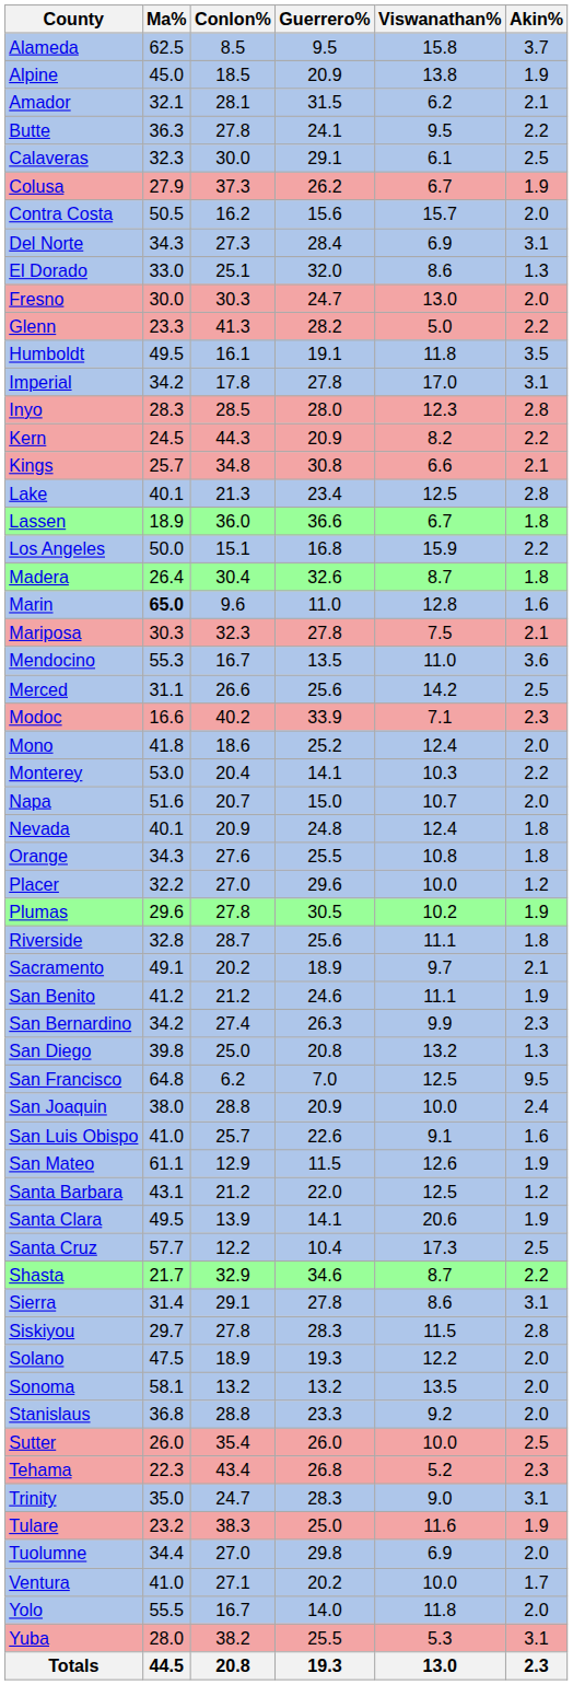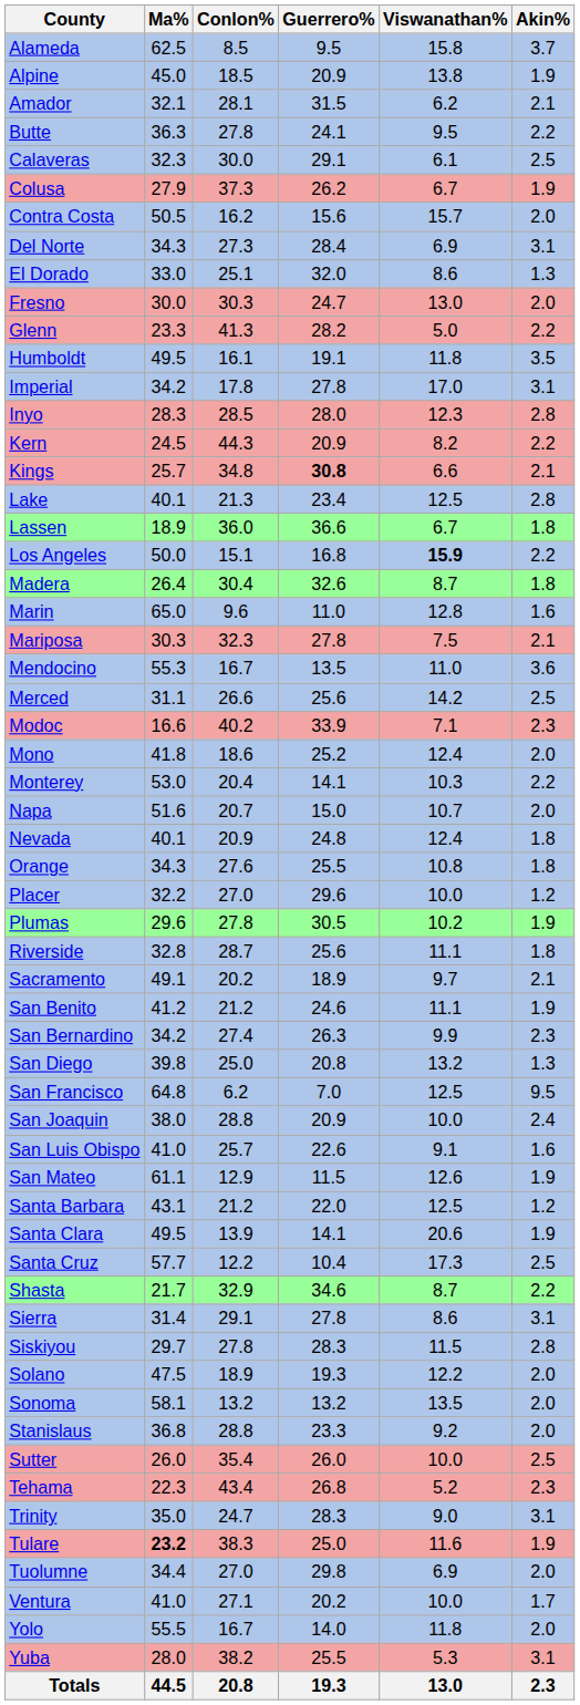 <table class="wikitable sortable" style=" font-size: 95%">
 <tr>
 <th>County</th>
 <th>Ma%</th>
 <th>Conlon%</th>
 <th>Guerrero%</th>
 <th>Viswanathan%</th>
 <th>Akin%</th>
 </tr>
 <tr bgcolor=#AEC6EA>
 <td><a href='#'>Alameda</a></td>
 <td align=center>62.5</td>
 <td align=center>8.5</td>
 <td align=center>9.5</td>
 <td align=center>15.8</td>
 <td align=center>3.7</td>
 </tr>
 <tr bgcolor=#AEC6EA>
 <td><a href='#'>Alpine</a></td>
 <td align=center>45.0</td>
 <td align=center>18.5</td>
 <td align=center>20.9</td>
 <td align=center>13.8</td>
 <td align=center>1.9</td>
 </tr>
 <tr bgcolor=#AEC6EA>
 <td><a href='#'>Amador</a></td>
 <td align=center>32.1</td>
 <td align=center>28.1</td>
 <td align=center>31.5</td>
 <td align=center>6.2</td>
 <td align=center>2.1</td>
 </tr>
 <tr bgcolor=#AEC6EA>
 <td><a href='#'>Butte</a></td>
 <td align=center>36.3</td>
 <td align=center>27.8</td>
 <td align=center>24.1</td>
 <td align=center>9.5</td>
 <td align=center>2.2</td>
 </tr>
 <tr bgcolor=#AEC6EA>
 <td><a href='#'>Calaveras</a></td>
 <td align=center>32.3</td>
 <td align=center>30.0</td>
 <td align=center>29.1</td>
 <td align=center>6.1</td>
 <td align=center>2.5</td>
 </tr>
 <tr bgcolor=#f3a5a5>
 <td><a href='#'>Colusa</a></td>
 <td align=center>27.9</td>
 <td align=center>37.3</td>
 <td align=center>26.2</td>
 <td align=center>6.7</td>
 <td align=center>1.9</td>
 </tr>
 <tr bgcolor=#AEC6EA>
 <td><a href='#'>Contra Costa</a></td>
 <td align=center>50.5</td>
 <td align=center>16.2</td>
 <td align=center>15.6</td>
 <td align=center>15.7</td>
 <td align=center>2.0</td>
 </tr>
 <tr bgcolor=#AEC6EA>
 <td><a href='#'>Del Norte</a></td>
 <td align=center>34.3</td>
 <td align=center>27.3</td>
 <td align=center>28.4</td>
 <td align=center>6.9</td>
 <td align=center>3.1</td>
 </tr>
 <tr bgcolor=#AEC6EA>
 <td><a href='#'>El Dorado</a></td>
 <td align=center>33.0</td>
 <td align=center>25.1</td>
 <td align=center>32.0</td>
 <td align=center>8.6</td>
 <td align=center>1.3</td>
 </tr>
 <tr bgcolor=#f3a5a5>
 <td><a href='#'>Fresno</a></td>
 <td align=center>30.0</td>
 <td align=center>30.3</td>
 <td align=center>24.7</td>
 <td align=center>13.0</td>
 <td align=center>2.0</td>
 </tr>
 <tr bgcolor=#f3a5a5>
 <td><a href='#'>Glenn</a></td>
 <td align=center>23.3</td>
 <td align=center>41.3</td>
 <td align=center>28.2</td>
 <td align=center>5.0</td>
 <td align=center>2.2</td>
 </tr>
 <tr bgcolor=#AEC6EA>
 <td><a href='#'>Humboldt</a></td>
 <td align=center>49.5</td>
 <td align=center>16.1</td>
 <td align=center>19.1</td>
 <td align=center>11.8</td>
 <td align=center>3.5</td>
 </tr>
 <tr bgcolor=#AEC6EA>
 <td><a href='#'>Imperial</a></td>
 <td align=center>34.2</td>
 <td align=center>17.8</td>
 <td align=center>27.8</td>
 <td align=center>17.0</td>
 <td align=center>3.1</td>
 </tr>
 <tr bgcolor=#f3a5a5>
 <td><a href='#'>Inyo</a></td>
 <td align=center>28.3</td>
 <td align=center>28.5</td>
 <td align=center>28.0</td>
 <td align=center>12.3</td>
 <td align=center>2.8</td>
 </tr>
 <tr bgcolor=#f3a5a5>
 <td><a href='#'>Kern</a></td>
 <td align=center>24.5</td>
 <td align=center>44.3</td>
 <td align=center>20.9</td>
 <td align=center>8.2</td>
 <td align=center>2.2</td>
 </tr>
 <tr bgcolor=#f3a5a5>
 <td><a href='#'>Kings</a></td>
 <td align=center>25.7</td>
 <td align=center>34.8</td>
-<td align=center>30.8</td>
+<td align=center><strong>30.8</strong></td>
 <td align=center>6.6</td>
 <td align=center>2.1</td>
 </tr>
 <tr bgcolor=#AEC6EA>
 <td><a href='#'>Lake</a></td>
 <td align=center>40.1</td>
 <td align=center>21.3</td>
 <td align=center>23.4</td>
 <td align=center>12.5</td>
 <td align=center>2.8</td>
 </tr>
 <tr bgcolor=#9F9>
 <td><a href='#'>Lassen</a></td>
 <td align=center>18.9</td>
 <td align=center>36.0</td>
 <td align=center>36.6</td>
 <td align=center>6.7</td>
 <td align=center>1.8</td>
 </tr>
 <tr bgcolor=#AEC6EA>
 <td><a href='#'>Los Angeles</a></td>
 <td align=center>50.0</td>
 <td align=center>15.1</td>
 <td align=center>16.8</td>
-<td align=center>15.9</td>
+<td align=center><strong>15.9</strong></td>
 <td align=center>2.2</td>
 </tr>
 <tr bgcolor=#9F9>
 <td><a href='#'>Madera</a></td>
 <td align=center>26.4</td>
 <td align=center>30.4</td>
 <td align=center>32.6</td>
 <td align=center>8.7</td>
 <td align=center>1.8</td>
 </tr>
 <tr bgcolor=#AEC6EA>
 <td><a href='#'>Marin</a></td>
-<td align=center><strong>65.0</strong></td>
+<td align=center>65.0</td>
 <td align=center>9.6</td>
 <td align=center>11.0</td>
 <td align=center>12.8</td>
 <td align=center>1.6</td>
 </tr>
 <tr bgcolor=#f3a5a5>
 <td><a href='#'>Mariposa</a></td>
 <td align=center>30.3</td>
 <td align=center>32.3</td>
 <td align=center>27.8</td>
 <td align=center>7.5</td>
 <td align=center>2.1</td>
 </tr>
 <tr bgcolor=#AEC6EA>
 <td><a href='#'>Mendocino</a></td>
 <td align=center>55.3</td>
 <td align=center>16.7</td>
 <td align=center>13.5</td>
 <td align=center>11.0</td>
 <td align=center>3.6</td>
 </tr>
 <tr bgcolor=#AEC6EA>
 <td><a href='#'>Merced</a></td>
 <td align=center>31.1</td>
 <td align=center>26.6</td>
 <td align=center>25.6</td>
 <td align=center>14.2</td>
 <td align=center>2.5</td>
 </tr>
 <tr bgcolor=#f3a5a5>
 <td><a href='#'>Modoc</a></td>
 <td align=center>16.6</td>
 <td align=center>40.2</td>
 <td align=center>33.9</td>
 <td align=center>7.1</td>
 <td align=center>2.3</td>
 </tr>
 <tr bgcolor=#AEC6EA>
 <td><a href='#'>Mono</a></td>
 <td align=center>41.8</td>
 <td align=center>18.6</td>
 <td align=center>25.2</td>
 <td align=center>12.4</td>
 <td align=center>2.0</td>
 </tr>
 <tr bgcolor=#AEC6EA>
 <td><a href='#'>Monterey</a></td>
 <td align=center>53.0</td>
 <td align=center>20.4</td>
 <td align=center>14.1</td>
 <td align=center>10.3</td>
 <td align=center>2.2</td>
 </tr>
 <tr bgcolor=#AEC6EA>
 <td><a href='#'>Napa</a></td>
 <td align=center>51.6</td>
 <td align=center>20.7</td>
 <td align=center>15.0</td>
 <td align=center>10.7</td>
 <td align=center>2.0</td>
 </tr>
 <tr bgcolor=#AEC6EA>
 <td><a href='#'>Nevada</a></td>
 <td align=center>40.1</td>
 <td align=center>20.9</td>
 <td align=center>24.8</td>
 <td align=center>12.4</td>
 <td align=center>1.8</td>
 </tr>
 <tr bgcolor=#AEC6EA>
 <td><a href='#'>Orange</a></td>
 <td align=center>34.3</td>
 <td align=center>27.6</td>
 <td align=center>25.5</td>
 <td align=center>10.8</td>
 <td align=center>1.8</td>
 </tr>
 <tr bgcolor=#AEC6EA>
 <td><a href='#'>Placer</a></td>
 <td align=center>32.2</td>
 <td align=center>27.0</td>
 <td align=center>29.6</td>
 <td align=center>10.0</td>
 <td align=center>1.2</td>
 </tr>
 <tr bgcolor=#9F9>
 <td><a href='#'>Plumas</a></td>
 <td align=center>29.6</td>
 <td align=center>27.8</td>
 <td align=center>30.5</td>
 <td align=center>10.2</td>
 <td align=center>1.9</td>
 </tr>
 <tr bgcolor=#AEC6EA>
 <td><a href='#'>Riverside</a></td>
 <td align=center>32.8</td>
 <td align=center>28.7</td>
 <td align=center>25.6</td>
 <td align=center>11.1</td>
 <td align=center>1.8</td>
 </tr>
 <tr bgcolor=#AEC6EA>
 <td><a href='#'>Sacramento</a></td>
 <td align=center>49.1</td>
 <td align=center>20.2</td>
 <td align=center>18.9</td>
 <td align=center>9.7</td>
 <td align=center>2.1</td>
 </tr>
 <tr bgcolor=#AEC6EA>
 <td><a href='#'>San Benito</a></td>
 <td align=center>41.2</td>
 <td align=center>21.2</td>
 <td align=center>24.6</td>
 <td align=center>11.1</td>
 <td align=center>1.9</td>
 </tr>
 <tr bgcolor=#AEC6EA>
 <td><a href='#'>San Bernardino</a></td>
 <td align=center>34.2</td>
 <td align=center>27.4</td>
 <td align=center>26.3</td>
 <td align=center>9.9</td>
 <td align=center>2.3</td>
 </tr>
 <tr bgcolor=#AEC6EA>
 <td><a href='#'>San Diego</a></td>
 <td align=center>39.8</td>
 <td align=center>25.0</td>
 <td align=center>20.8</td>
 <td align=center>13.2</td>
 <td align=center>1.3</td>
 </tr>
 <tr bgcolor=#AEC6EA>
 <td><a href='#'>San Francisco</a></td>
 <td align=center>64.8</td>
 <td align=center>6.2</td>
 <td align=center>7.0</td>
 <td align=center>12.5</td>
 <td align=center>9.5</td>
 </tr>
 <tr bgcolor=#AEC6EA>
 <td><a href='#'>San Joaquin</a></td>
 <td align=center>38.0</td>
 <td align=center>28.8</td>
 <td align=center>20.9</td>
 <td align=center>10.0</td>
 <td align=center>2.4</td>
 </tr>
 <tr bgcolor=#AEC6EA>
 <td><a href='#'>San Luis Obispo</a></td>
 <td align=center>41.0</td>
 <td align=center>25.7</td>
 <td align=center>22.6</td>
 <td align=center>9.1</td>
 <td align=center>1.6</td>
 </tr>
 <tr bgcolor=#AEC6EA>
 <td><a href='#'>San Mateo</a></td>
 <td align=center>61.1</td>
 <td align=center>12.9</td>
 <td align=center>11.5</td>
 <td align=center>12.6</td>
 <td align=center>1.9</td>
 </tr>
 <tr bgcolor=#AEC6EA>
 <td><a href='#'>Santa Barbara</a></td>
 <td align=center>43.1</td>
 <td align=center>21.2</td>
 <td align=center>22.0</td>
 <td align=center>12.5</td>
 <td align=center>1.2</td>
 </tr>
 <tr bgcolor=#AEC6EA>
 <td><a href='#'>Santa Clara</a></td>
 <td align=center>49.5</td>
 <td align=center>13.9</td>
 <td align=center>14.1</td>
 <td align=center>20.6</td>
 <td align=center>1.9</td>
 </tr>
 <tr bgcolor=#AEC6EA>
 <td><a href='#'>Santa Cruz</a></td>
 <td align=center>57.7</td>
 <td align=center>12.2</td>
 <td align=center>10.4</td>
 <td align=center>17.3</td>
 <td align=center>2.5</td>
 </tr>
 <tr bgcolor=#9F9>
 <td><a href='#'>Shasta</a></td>
 <td align=center>21.7</td>
 <td align=center>32.9</td>
 <td align=center>34.6</td>
 <td align=center>8.7</td>
 <td align=center>2.2</td>
 </tr>
 <tr bgcolor=#AEC6EA>
 <td><a href='#'>Sierra</a></td>
 <td align=center>31.4</td>
 <td align=center>29.1</td>
 <td align=center>27.8</td>
 <td align=center>8.6</td>
 <td align=center>3.1</td>
 </tr>
 <tr bgcolor=#AEC6EA>
 <td><a href='#'>Siskiyou</a></td>
 <td align=center>29.7</td>
 <td align=center>27.8</td>
 <td align=center>28.3</td>
 <td align=center>11.5</td>
 <td align=center>2.8</td>
 </tr>
 <tr bgcolor=#AEC6EA>
 <td><a href='#'>Solano</a></td>
 <td align=center>47.5</td>
 <td align=center>18.9</td>
 <td align=center>19.3</td>
 <td align=center>12.2</td>
 <td align=center>2.0</td>
 </tr>
 <tr bgcolor=#AEC6EA>
 <td><a href='#'>Sonoma</a></td>
 <td align=center>58.1</td>
 <td align=center>13.2</td>
 <td align=center>13.2</td>
 <td align=center>13.5</td>
 <td align=center>2.0</td>
 </tr>
 <tr bgcolor=#AEC6EA>
 <td><a href='#'>Stanislaus</a></td>
 <td align=center>36.8</td>
 <td align=center>28.8</td>
 <td align=center>23.3</td>
 <td align=center>9.2</td>
 <td align=center>2.0</td>
 </tr>
 <tr bgcolor=#f3a5a5>
 <td><a href='#'>Sutter</a></td>
 <td align=center>26.0</td>
 <td align=center>35.4</td>
 <td align=center>26.0</td>
 <td align=center>10.0</td>
 <td align=center>2.5</td>
 </tr>
 <tr bgcolor=#f3a5a5>
 <td><a href='#'>Tehama</a></td>
 <td align=center>22.3</td>
 <td align=center>43.4</td>
 <td align=center>26.8</td>
 <td align=center>5.2</td>
 <td align=center>2.3</td>
 </tr>
 <tr bgcolor=#AEC6EA>
 <td><a href='#'>Trinity</a></td>
 <td align=center>35.0</td>
 <td align=center>24.7</td>
 <td align=center>28.3</td>
 <td align=center>9.0</td>
 <td align=center>3.1</td>
 </tr>
 <tr bgcolor=#f3a5a5>
 <td><a href='#'>Tulare</a></td>
-<td align=center>23.2</td>
+<td align=center><strong>23.2</strong></td>
 <td align=center>38.3</td>
 <td align=center>25.0</td>
 <td align=center>11.6</td>
 <td align=center>1.9</td>
 </tr>
 <tr bgcolor=#AEC6EA>
 <td><a href='#'>Tuolumne</a></td>
 <td align=center>34.4</td>
 <td align=center>27.0</td>
 <td align=center>29.8</td>
 <td align=center>6.9</td>
 <td align=center>2.0</td>
 </tr>
 <tr bgcolor=#AEC6EA>
 <td><a href='#'>Ventura</a></td>
 <td align=center>41.0</td>
 <td align=center>27.1</td>
 <td align=center>20.2</td>
 <td align=center>10.0</td>
 <td align=center>1.7</td>
 </tr>
 <tr bgcolor=#AEC6EA>
 <td><a href='#'>Yolo</a></td>
 <td align=center>55.5</td>
 <td align=center>16.7</td>
 <td align=center>14.0</td>
 <td align=center>11.8</td>
 <td align=center>2.0</td>
 </tr>
 <tr bgcolor=#f3a5a5>
 <td><a href='#'>Yuba</a></td>
 <td align=center>28.0</td>
 <td align=center>38.2</td>
 <td align=center>25.5</td>
 <td align=center>5.3</td>
 <td align=center>3.1</td>
 </tr>
 <tr>
 <th>Totals</th>
 <th>44.5</th>
 <th>20.8</th>
 <th>19.3</th>
 <th>13.0</th>
 <th>2.3</th>
 </tr>
 </table>
